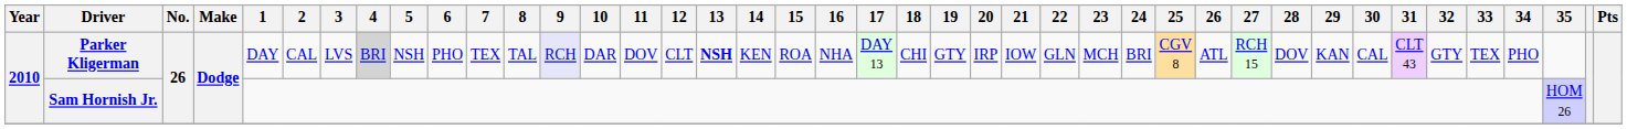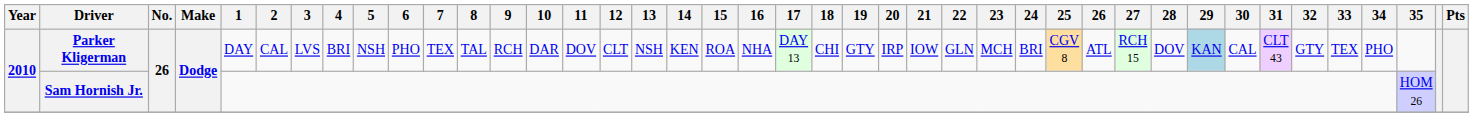 <table class="wikitable" style="text-align:center; font-size:75%">
 <tr>
 <th>Year</th>
 <th>Driver</th>
 <th>No.</th>
 <th>Make</th>
 <th>1</th>
 <th>2</th>
 <th>3</th>
 <th>4</th>
 <th>5</th>
 <th>6</th>
 <th>7</th>
 <th>8</th>
 <th>9</th>
 <th>10</th>
 <th>11</th>
 <th>12</th>
 <th>13</th>
 <th>14</th>
 <th>15</th>
 <th>16</th>
 <th>17</th>
 <th>18</th>
 <th>19</th>
 <th>20</th>
 <th>21</th>
 <th>22</th>
 <th>23</th>
 <th>24</th>
 <th>25</th>
 <th>26</th>
 <th>27</th>
 <th>28</th>
 <th>29</th>
 <th>30</th>
 <th>31</th>
 <th>32</th>
 <th>33</th>
 <th>34</th>
 <th>35</th>
 <th></th>
 <th>Pts</th>
 </tr>
 <tr>
 <th rowspan=2><a href='#'>2010</a></th>
 <th><a href='#'>Parker Kligerman</a></th>
 <th rowspan=2>26</th>
 <th rowspan=2><a href='#'>Dodge</a></th>
 <td><a href='#'>DAY</a></td>
 <td><a href='#'>CAL</a></td>
 <td><a href='#'>LVS</a></td>
-<td style="background: lightgrey;"><a href='#'>BRI</a></td>
+<td><a href='#'>BRI</a></td>
 <td><a href='#'>NSH</a></td>
 <td><a href='#'>PHO</a></td>
 <td><a href='#'>TEX</a></td>
 <td><a href='#'>TAL</a></td>
-<td style="background: lavender;"><a href='#'>RCH</a></td>
+<td><a href='#'>RCH</a></td>
 <td><a href='#'>DAR</a></td>
 <td><a href='#'>DOV</a></td>
 <td><a href='#'>CLT</a></td>
-<td><strong><a href='#'>NSH</a></strong></td>
+<td><a href='#'>NSH</a></td>
 <td><a href='#'>KEN</a></td>
 <td><a href='#'>ROA</a></td>
 <td><a href='#'>NHA</a></td>
 <td style="background:#DFFFDF;"><a href='#'>DAY</a><br><small>13</small></td>
 <td><a href='#'>CHI</a></td>
 <td><a href='#'>GTY</a></td>
 <td><a href='#'>IRP</a></td>
 <td><a href='#'>IOW</a></td>
 <td><a href='#'>GLN</a></td>
 <td><a href='#'>MCH</a></td>
 <td><a href='#'>BRI</a></td>
 <td style="background:#FFDF9F;"><a href='#'>CGV</a><br><small>8</small></td>
 <td><a href='#'>ATL</a></td>
 <td style="background:#DFFFDF;"><a href='#'>RCH</a><br><small>15</small></td>
 <td><a href='#'>DOV</a></td>
-<td><a href='#'>KAN</a></td>
+<td style="background: lightblue;"><a href='#'>KAN</a></td>
 <td><a href='#'>CAL</a></td>
 <td style="background:#EFCFFF;"><a href='#'>CLT</a><br><small>43</small></td>
 <td><a href='#'>GTY</a></td>
 <td><a href='#'>TEX</a></td>
 <td><a href='#'>PHO</a></td>
 <td></td>
 <th rowspan=2></th>
 <th rowspan=2></th>
 </tr>
 <tr>
 <th><a href='#'>Sam Hornish Jr.</a></th>
 <td colspan=34></td>
 <td style="background:#CFCFFF;"><a href='#'>HOM</a><br><small>26</small></td>
 </tr>
 <tr>
 </tr>
 </table>
